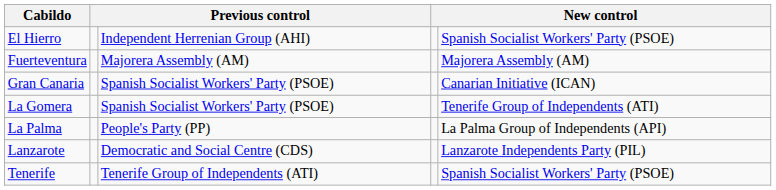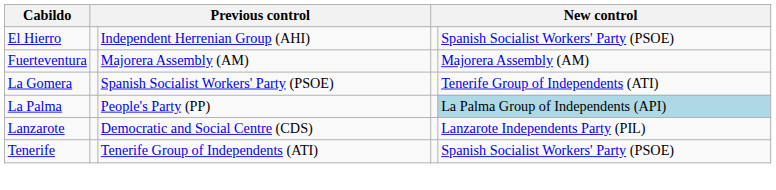 <table class="wikitable sortable">
 <tr>
 <th>Cabildo</th>
 <th colspan="2" style="width:375px;">Previous control</th>
 <th colspan="2" style="width:375px;">New control</th>
 </tr>
 <tr>
 <td><a href='#'>El Hierro</a></td>
 <td width="1" style="color:inherit;background:"></td>
 <td><a href='#'>Independent Herrenian Group</a> (AHI)</td>
 <td width="1" style="color:inherit;background:"></td>
 <td><a href='#'>Spanish Socialist Workers' Party</a> (PSOE)</td>
 </tr>
 <tr>
 <td><a href='#'>Fuerteventura</a></td>
 <td style="color:inherit;background:"></td>
 <td><a href='#'>Majorera Assembly</a> (AM)</td>
 <td style="color:inherit;background:"></td>
 <td><a href='#'>Majorera Assembly</a> (AM)</td>
 </tr>
 <tr>
-<td><a href='#'>Gran Canaria</a></td>
-<td style="color:inherit;background:"></td>
-<td><a href='#'>Spanish Socialist Workers' Party</a> (PSOE)</td>
-<td style="color:inherit;background:"></td>
-<td><a href='#'>Canarian Initiative</a> (ICAN)</td>
-</tr>
-<tr>
 <td><a href='#'>La Gomera</a></td>
 <td style="color:inherit;background:"></td>
 <td><a href='#'>Spanish Socialist Workers' Party</a> (PSOE)</td>
 <td style="color:inherit;background:"></td>
 <td><a href='#'>Tenerife Group of Independents</a> (ATI)</td>
 </tr>
 <tr>
 <td><a href='#'>La Palma</a></td>
 <td style="color:inherit;background:"></td>
 <td><a href='#'>People's Party</a> (PP)</td>
 <td style="color:inherit;background:"></td>
-<td>La Palma Group of Independents (API) </td>
+<td style="background: lightblue;">La Palma Group of Independents (API) </td>
 </tr>
 <tr>
 <td><a href='#'>Lanzarote</a></td>
 <td style="color:inherit;background:"></td>
 <td><a href='#'>Democratic and Social Centre</a> (CDS)</td>
 <td style="color:inherit;background:"></td>
 <td><a href='#'>Lanzarote Independents Party</a> (PIL) </td>
 </tr>
 <tr>
 <td><a href='#'>Tenerife</a></td>
 <td style="color:inherit;background:"></td>
 <td><a href='#'>Tenerife Group of Independents</a> (ATI)</td>
 <td style="color:inherit;background:"></td>
 <td><a href='#'>Spanish Socialist Workers' Party</a> (PSOE)</td>
 </tr>
 </table>
